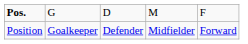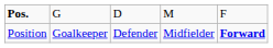 <table class="wikitable">
 <tr>
 <td width="50"><strong>Pos.</strong></td>
 <td width="50">G</td>
 <td width="50">D</td>
 <td width="50">M</td>
 <td width="50">F</td>
 </tr>
 <tr>
 <td><a href='#'>Position</a></td>
 <td><a href='#'>Goalkeeper</a></td>
 <td><a href='#'>Defender</a></td>
 <td><a href='#'>Midfielder</a></td>
-<td><a href='#'>Forward</a></td>
+<td><strong><a href='#'>Forward</a></strong></td>
 </tr>
 </table>
